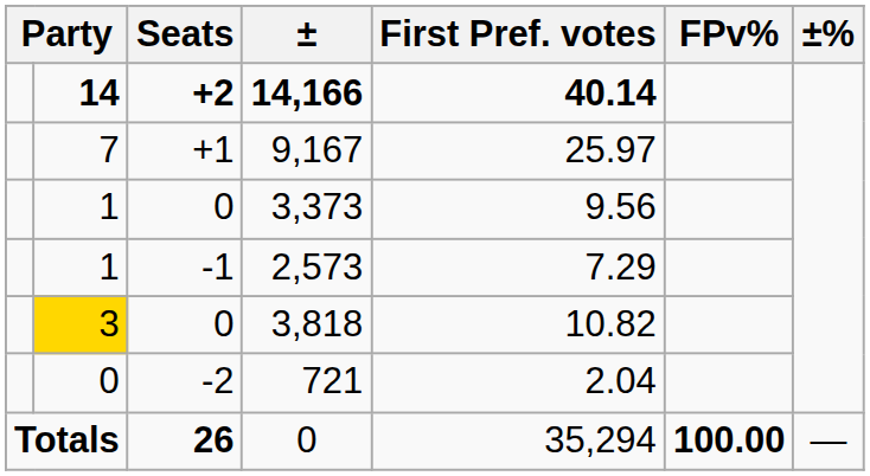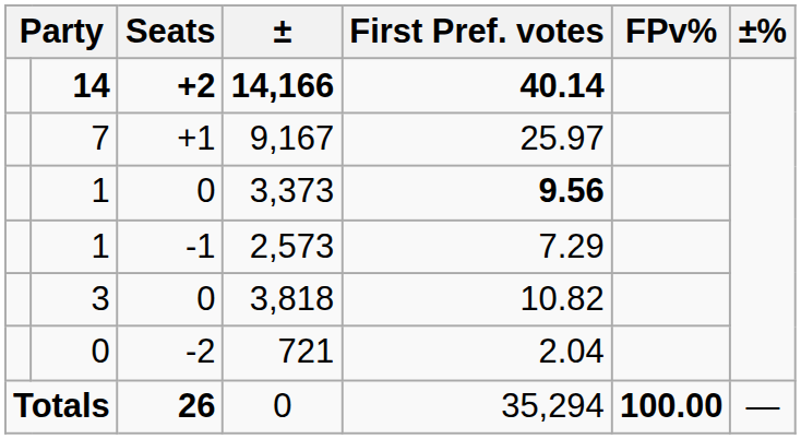 <table class=wikitable>
 <tr>
 <th colspan=2 align=center>Party</th>
 <th valign=top>Seats</th>
 <th valign=top>±</th>
 <th valign=top>First Pref. votes</th>
 <th valign=top>FPv%</th>
 <th valign=top>±%</th>
 </tr>
 <tr>
 <td></td>
 <td align=right><strong>14</strong></td>
 <td align=right><strong>+2</strong></td>
 <td align=right><strong>14,166</strong></td>
 <td align=right><strong>40.14</strong></td>
 <td align=right></td>
 </tr>
 <tr>
 <td></td>
 <td align=right>7</td>
 <td align=right>+1</td>
 <td align=right>9,167</td>
 <td align=right>25.97</td>
 <td align=right></td>
 </tr>
 <tr>
 <td></td>
 <td align=right>1</td>
 <td align=right>0</td>
 <td align=right>3,373</td>
-<td align=right>9.56</td>
+<td align=right><strong>9.56</strong></td>
 <td align=right></td>
 </tr>
 <tr>
 <td></td>
 <td align=right>1</td>
 <td align=right>-1</td>
 <td align=right>2,573</td>
 <td align=right>7.29</td>
 <td align=right></td>
 </tr>
 <tr>
 <td></td>
-<td align=right style="background: gold;">3</td>
+<td align=right>3</td>
 <td align=right>0</td>
 <td align=right>3,818</td>
 <td align=right>10.82</td>
 <td align=right></td>
 </tr>
 <tr>
 <td></td>
 <td align=right>0</td>
 <td align=right>-2</td>
 <td align=right>721</td>
 <td align=right>2.04</td>
 <td align=right></td>
 </tr>
 <tr>
 <td colspan=2 align=center><strong>Totals</strong></td>
 <td align=right><strong>26</strong></td>
 <td align=center>0</td>
 <td align=right>35,294</td>
 <td align=center><strong>100.00</strong></td>
 <td align=center>—</td>
 </tr>
 </table>
